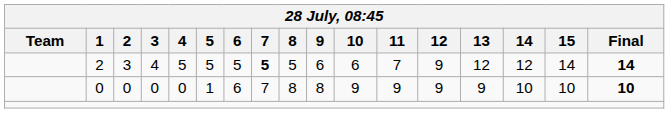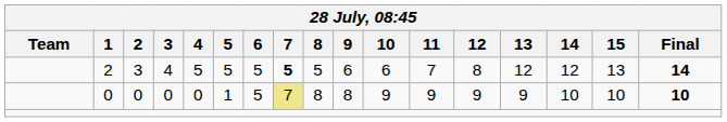 <table class=wikitable style="text-align:center; width: 55%">
 <tr>
 <th colspan=17><em>28 July, 08:45</em></th>
 </tr>
 <tr>
 <th>Team</th>
 <th>1</th>
 <th>2</th>
 <th>3</th>
 <th>4</th>
 <th>5</th>
 <th>6</th>
 <th>7</th>
 <th>8</th>
 <th>9</th>
 <th>10</th>
 <th>11</th>
 <th>12</th>
 <th>13</th>
 <th>14</th>
 <th>15</th>
 <th>Final</th>
 </tr>
 <tr>
 <td align=left><strong></strong></td>
 <td>2</td>
 <td>3</td>
 <td>4</td>
 <td>5</td>
 <td>5</td>
 <td>5</td>
 <td><strong>5</strong></td>
 <td>5</td>
 <td>6</td>
 <td>6</td>
 <td>7</td>
-<td>9</td>
+<td>8</td>
 <td>12</td>
 <td>12</td>
-<td>14</td>
+<td>13</td>
 <td><strong>14</strong></td>
 </tr>
 <tr>
 <td align=left></td>
 <td>0</td>
 <td>0</td>
 <td>0</td>
 <td>0</td>
 <td>1</td>
-<td>6</td>
-<td>7</td>
+<td>5</td>
+<td style="background: khaki;">7</td>
 <td>8</td>
 <td>8</td>
 <td>9</td>
 <td>9</td>
 <td>9</td>
 <td>9</td>
 <td>10</td>
 <td>10</td>
 <td><strong>10</strong></td>
 </tr>
 <tr>
 <td colspan=17></td>
 </tr>
 </table>
